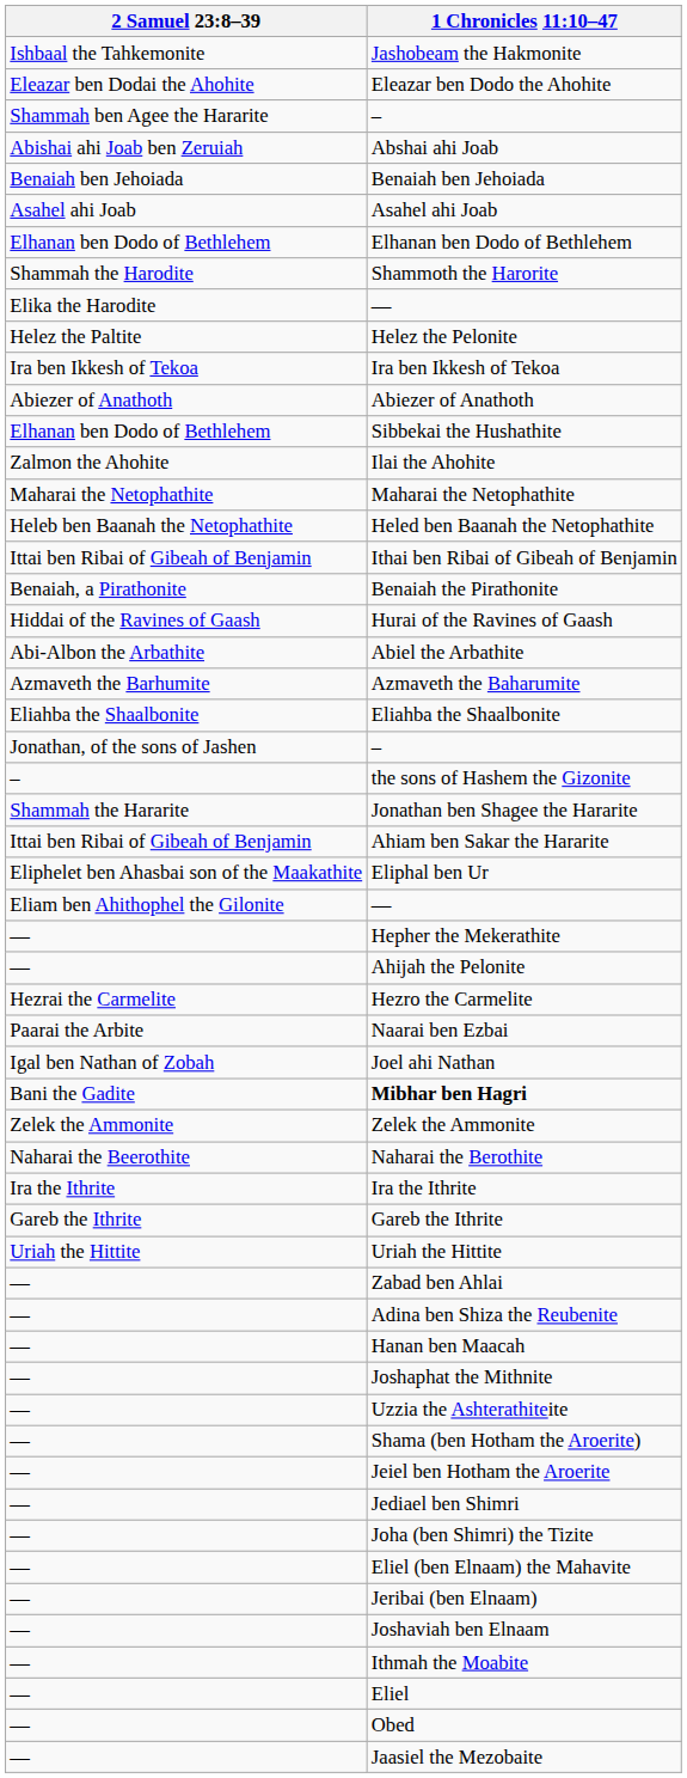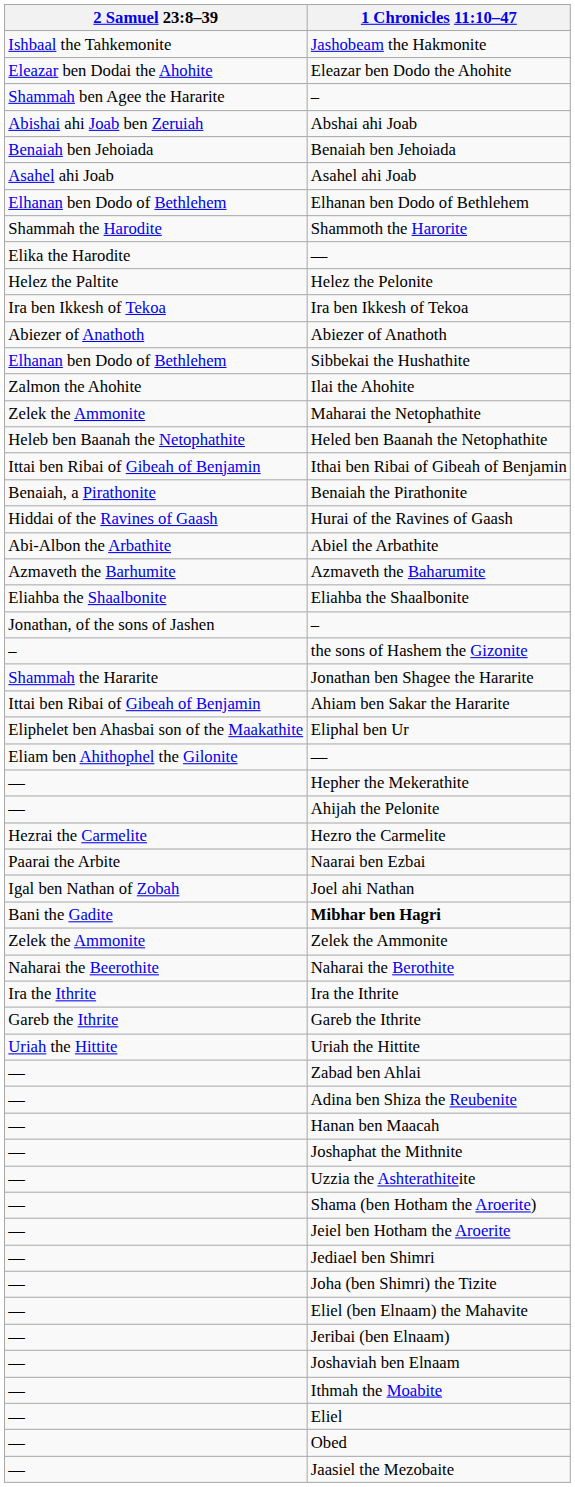 <table class="wikitable sortable">
 <tr>
 <th><a href='#'>2 Samuel</a> 23:8–39</th>
 <th><a href='#'>1 Chronicles</a> <a href='#'>11:10–47</a></th>
 </tr>
 <tr>
 <td><a href='#'>Ishbaal</a> the Tahkemonite</td>
 <td><a href='#'>Jashobeam</a> the Hakmonite</td>
 </tr>
 <tr>
 <td><a href='#'>Eleazar</a> ben Dodai the <a href='#'>Ahohite</a></td>
 <td>Eleazar ben Dodo the Ahohite</td>
 </tr>
 <tr>
 <td><a href='#'>Shammah</a> ben Agee the Hararite</td>
 <td>–</td>
 </tr>
 <tr>
 <td><a href='#'>Abishai</a> ahi <a href='#'>Joab</a> ben <a href='#'>Zeruiah</a></td>
 <td>Abshai ahi Joab</td>
 </tr>
 <tr>
 <td><a href='#'>Benaiah</a> ben Jehoiada</td>
 <td>Benaiah ben Jehoiada</td>
 </tr>
 <tr>
 <td><a href='#'>Asahel</a> ahi Joab</td>
 <td>Asahel ahi Joab</td>
 </tr>
 <tr>
 <td><a href='#'>Elhanan</a> ben Dodo of <a href='#'>Bethlehem</a></td>
 <td>Elhanan ben Dodo of Bethlehem</td>
 </tr>
 <tr>
 <td>Shammah the <a href='#'>Harodite</a></td>
 <td>Shammoth the <a href='#'>Harorite</a></td>
 </tr>
 <tr>
 <td>Elika the Harodite</td>
 <td>—</td>
 </tr>
 <tr>
 <td>Helez the Paltite</td>
 <td>Helez the Pelonite</td>
 </tr>
 <tr>
 <td>Ira ben Ikkesh of <a href='#'>Tekoa</a></td>
 <td>Ira ben Ikkesh of Tekoa</td>
 </tr>
 <tr>
 <td>Abiezer of <a href='#'>Anathoth</a></td>
 <td>Abiezer of Anathoth</td>
 </tr>
 <tr>
 <td><a href='#'>Elhanan</a> ben Dodo of <a href='#'>Bethlehem</a></td>
 <td>Sibbekai the Hushathite</td>
 </tr>
 <tr>
 <td>Zalmon the Ahohite</td>
 <td>Ilai the Ahohite</td>
 </tr>
 <tr>
-<td>Maharai the <a href='#'>Netophathite</a></td>
+<td>Zelek the <a href='#'>Ammonite</a></td>
 <td>Maharai the Netophathite</td>
 </tr>
 <tr>
 <td>Heleb ben Baanah the <a href='#'>Netophathite</a></td>
 <td>Heled ben Baanah the Netophathite</td>
 </tr>
 <tr>
 <td>Ittai ben Ribai of <a href='#'>Gibeah of Benjamin</a></td>
 <td>Ithai ben Ribai of Gibeah of Benjamin</td>
 </tr>
 <tr>
 <td>Benaiah, a <a href='#'>Pirathonite</a></td>
 <td>Benaiah the Pirathonite</td>
 </tr>
 <tr>
 <td>Hiddai of the <a href='#'>Ravines of Gaash</a></td>
 <td>Hurai of the Ravines of Gaash</td>
 </tr>
 <tr>
 <td>Abi-Albon the <a href='#'>Arbathite</a></td>
 <td>Abiel the Arbathite</td>
 </tr>
 <tr>
 <td>Azmaveth the <a href='#'>Barhumite</a></td>
 <td>Azmaveth the <a href='#'>Baharumite</a></td>
 </tr>
 <tr>
 <td>Eliahba the <a href='#'>Shaalbonite</a></td>
 <td>Eliahba the Shaalbonite</td>
 </tr>
 <tr>
 <td>Jonathan, of the sons of Jashen</td>
 <td>–</td>
 </tr>
 <tr>
 <td>–</td>
 <td>the sons of Hashem the <a href='#'>Gizonite</a></td>
 </tr>
 <tr>
 <td><a href='#'>Shammah</a> the Hararite</td>
 <td>Jonathan ben Shagee the Hararite</td>
 </tr>
 <tr>
 <td>Ittai ben Ribai of <a href='#'>Gibeah of Benjamin</a></td>
 <td>Ahiam ben Sakar the Hararite</td>
 </tr>
 <tr>
 <td>Eliphelet ben Ahasbai son of the <a href='#'>Maakathite</a></td>
 <td>Eliphal ben Ur</td>
 </tr>
 <tr>
 <td>Eliam ben <a href='#'>Ahithophel</a> the <a href='#'>Gilonite</a></td>
 <td>—</td>
 </tr>
 <tr>
 <td>—</td>
 <td>Hepher the Mekerathite</td>
 </tr>
 <tr>
 <td>—</td>
 <td>Ahijah the Pelonite</td>
 </tr>
 <tr>
 <td>Hezrai the <a href='#'>Carmelite</a></td>
 <td>Hezro the Carmelite</td>
 </tr>
 <tr>
 <td>Paarai the Arbite</td>
 <td>Naarai ben Ezbai</td>
 </tr>
 <tr>
 <td>Igal ben Nathan of <a href='#'>Zobah</a></td>
 <td>Joel ahi Nathan</td>
 </tr>
 <tr>
 <td>Bani the <a href='#'>Gadite</a></td>
 <td><strong>Mibhar ben Hagri</strong></td>
 </tr>
 <tr>
 <td>Zelek the <a href='#'>Ammonite</a></td>
 <td>Zelek the Ammonite</td>
 </tr>
 <tr>
 <td>Naharai the <a href='#'>Beerothite</a></td>
 <td>Naharai the <a href='#'>Berothite</a></td>
 </tr>
 <tr>
 <td>Ira the <a href='#'>Ithrite</a></td>
 <td>Ira the Ithrite</td>
 </tr>
 <tr>
 <td>Gareb the <a href='#'>Ithrite</a></td>
 <td>Gareb the Ithrite</td>
 </tr>
 <tr>
 <td><a href='#'>Uriah</a> the <a href='#'>Hittite</a></td>
 <td>Uriah the Hittite</td>
 </tr>
 <tr>
 <td>—</td>
 <td>Zabad ben Ahlai</td>
 </tr>
 <tr>
 <td>—</td>
 <td>Adina ben Shiza the <a href='#'>Reubenite</a></td>
 </tr>
 <tr>
 <td>—</td>
 <td>Hanan ben Maacah</td>
 </tr>
 <tr>
 <td>—</td>
 <td>Joshaphat the Mithnite</td>
 </tr>
 <tr>
 <td>—</td>
 <td>Uzzia the <a href='#'>Ashterathite</a>ite</td>
 </tr>
 <tr>
 <td>—</td>
 <td>Shama (ben Hotham the <a href='#'>Aroerite</a>)</td>
 </tr>
 <tr>
 <td>—</td>
 <td>Jeiel ben Hotham the <a href='#'>Aroerite</a></td>
 </tr>
 <tr>
 <td>—</td>
 <td>Jediael ben Shimri</td>
 </tr>
 <tr>
 <td>—</td>
 <td>Joha (ben Shimri) the Tizite</td>
 </tr>
 <tr>
 <td>—</td>
 <td>Eliel (ben Elnaam) the Mahavite</td>
 </tr>
 <tr>
 <td>—</td>
 <td>Jeribai (ben Elnaam)</td>
 </tr>
 <tr>
 <td>—</td>
 <td>Joshaviah ben Elnaam</td>
 </tr>
 <tr>
 <td>—</td>
 <td>Ithmah the <a href='#'>Moabite</a></td>
 </tr>
 <tr>
 <td>—</td>
 <td>Eliel</td>
 </tr>
 <tr>
 <td>—</td>
 <td>Obed</td>
 </tr>
 <tr>
 <td>—</td>
 <td>Jaasiel the Mezobaite</td>
 </tr>
 </table>
